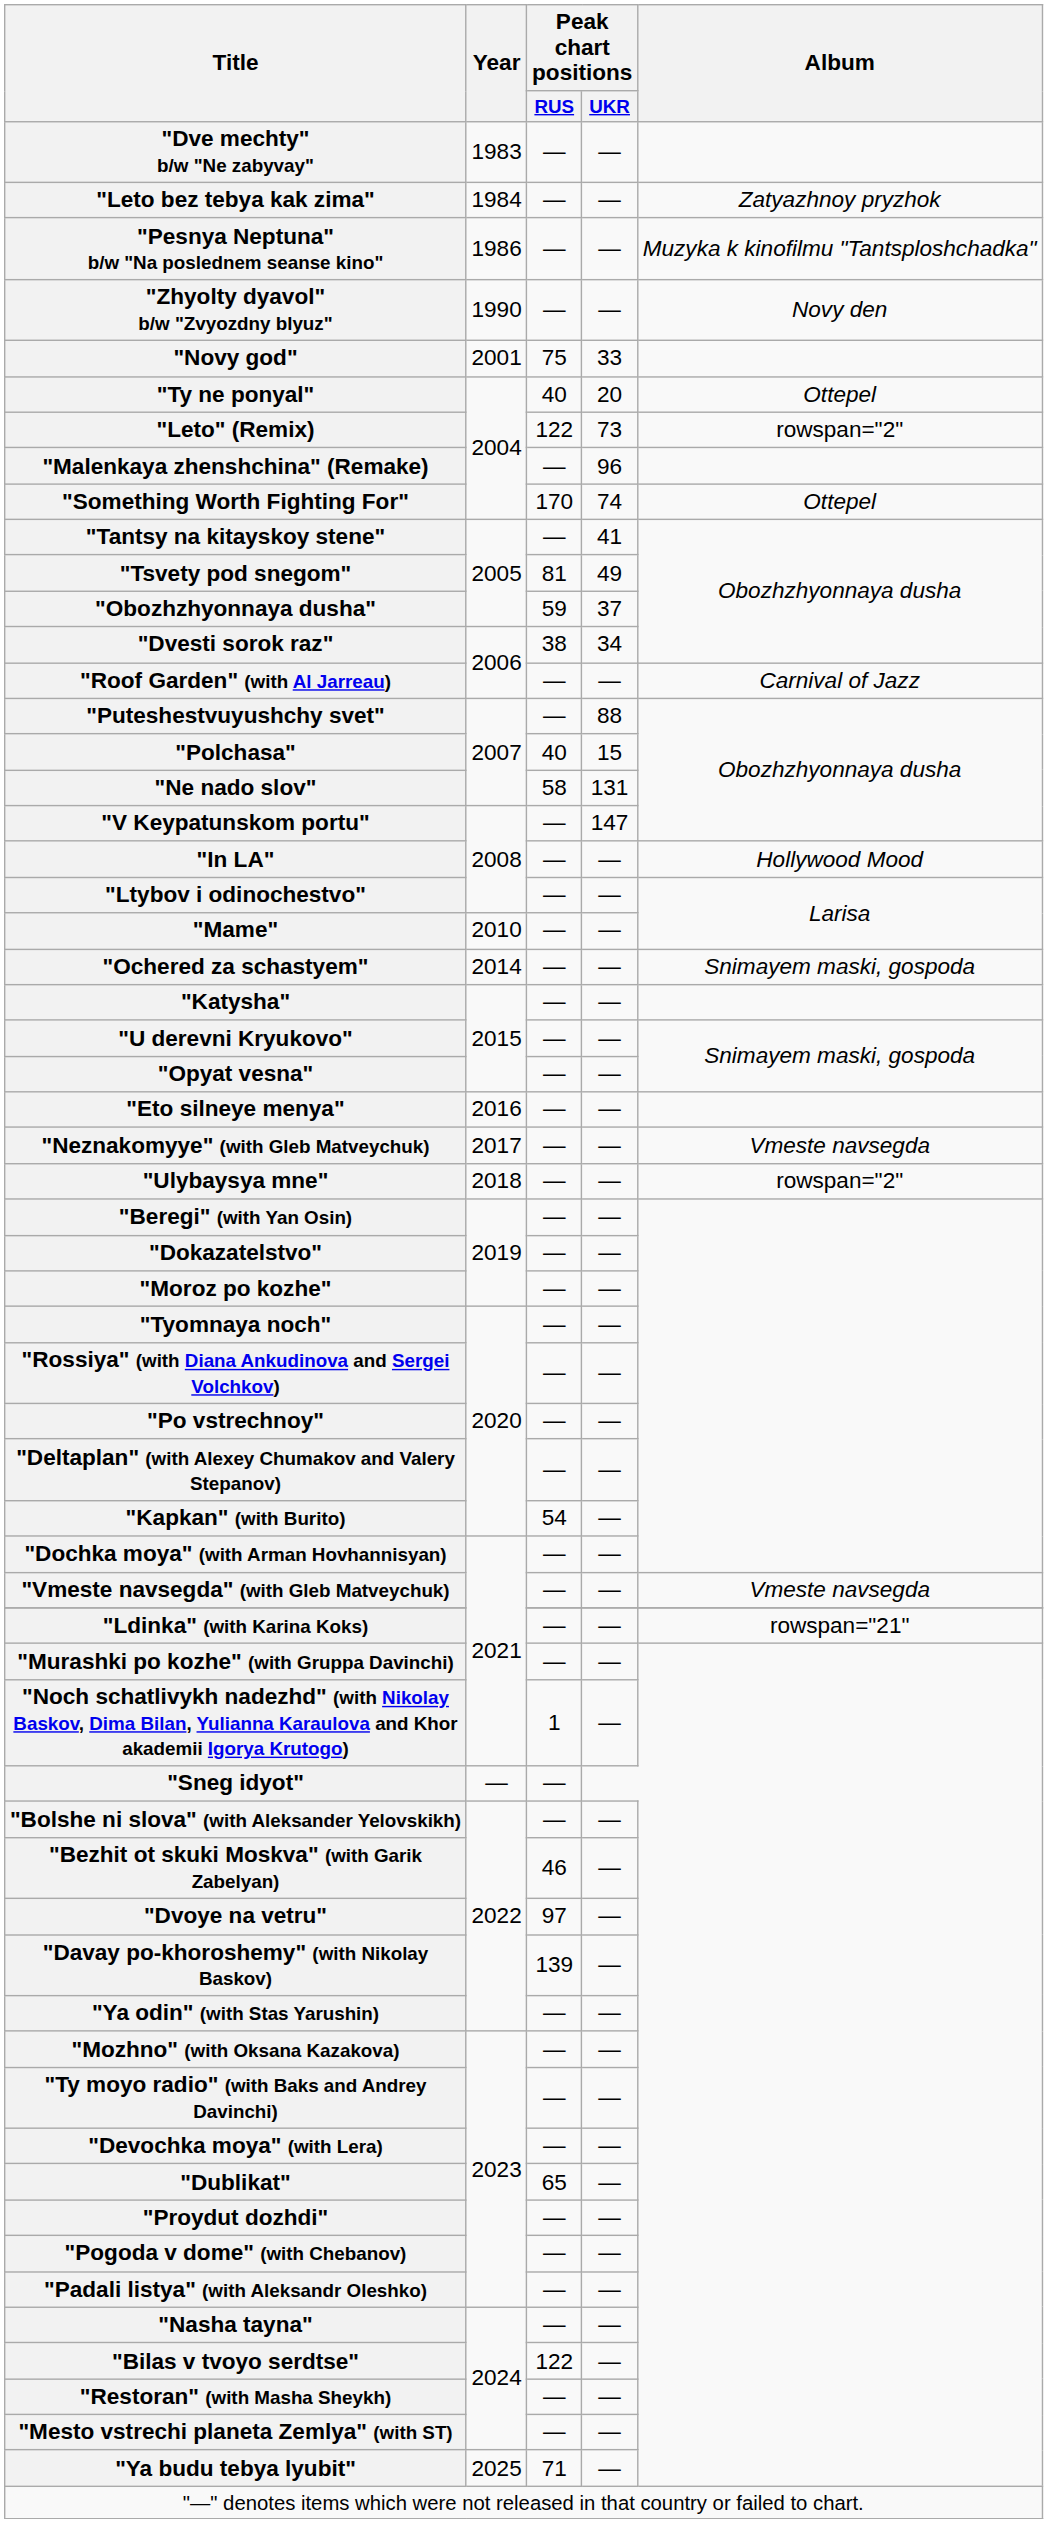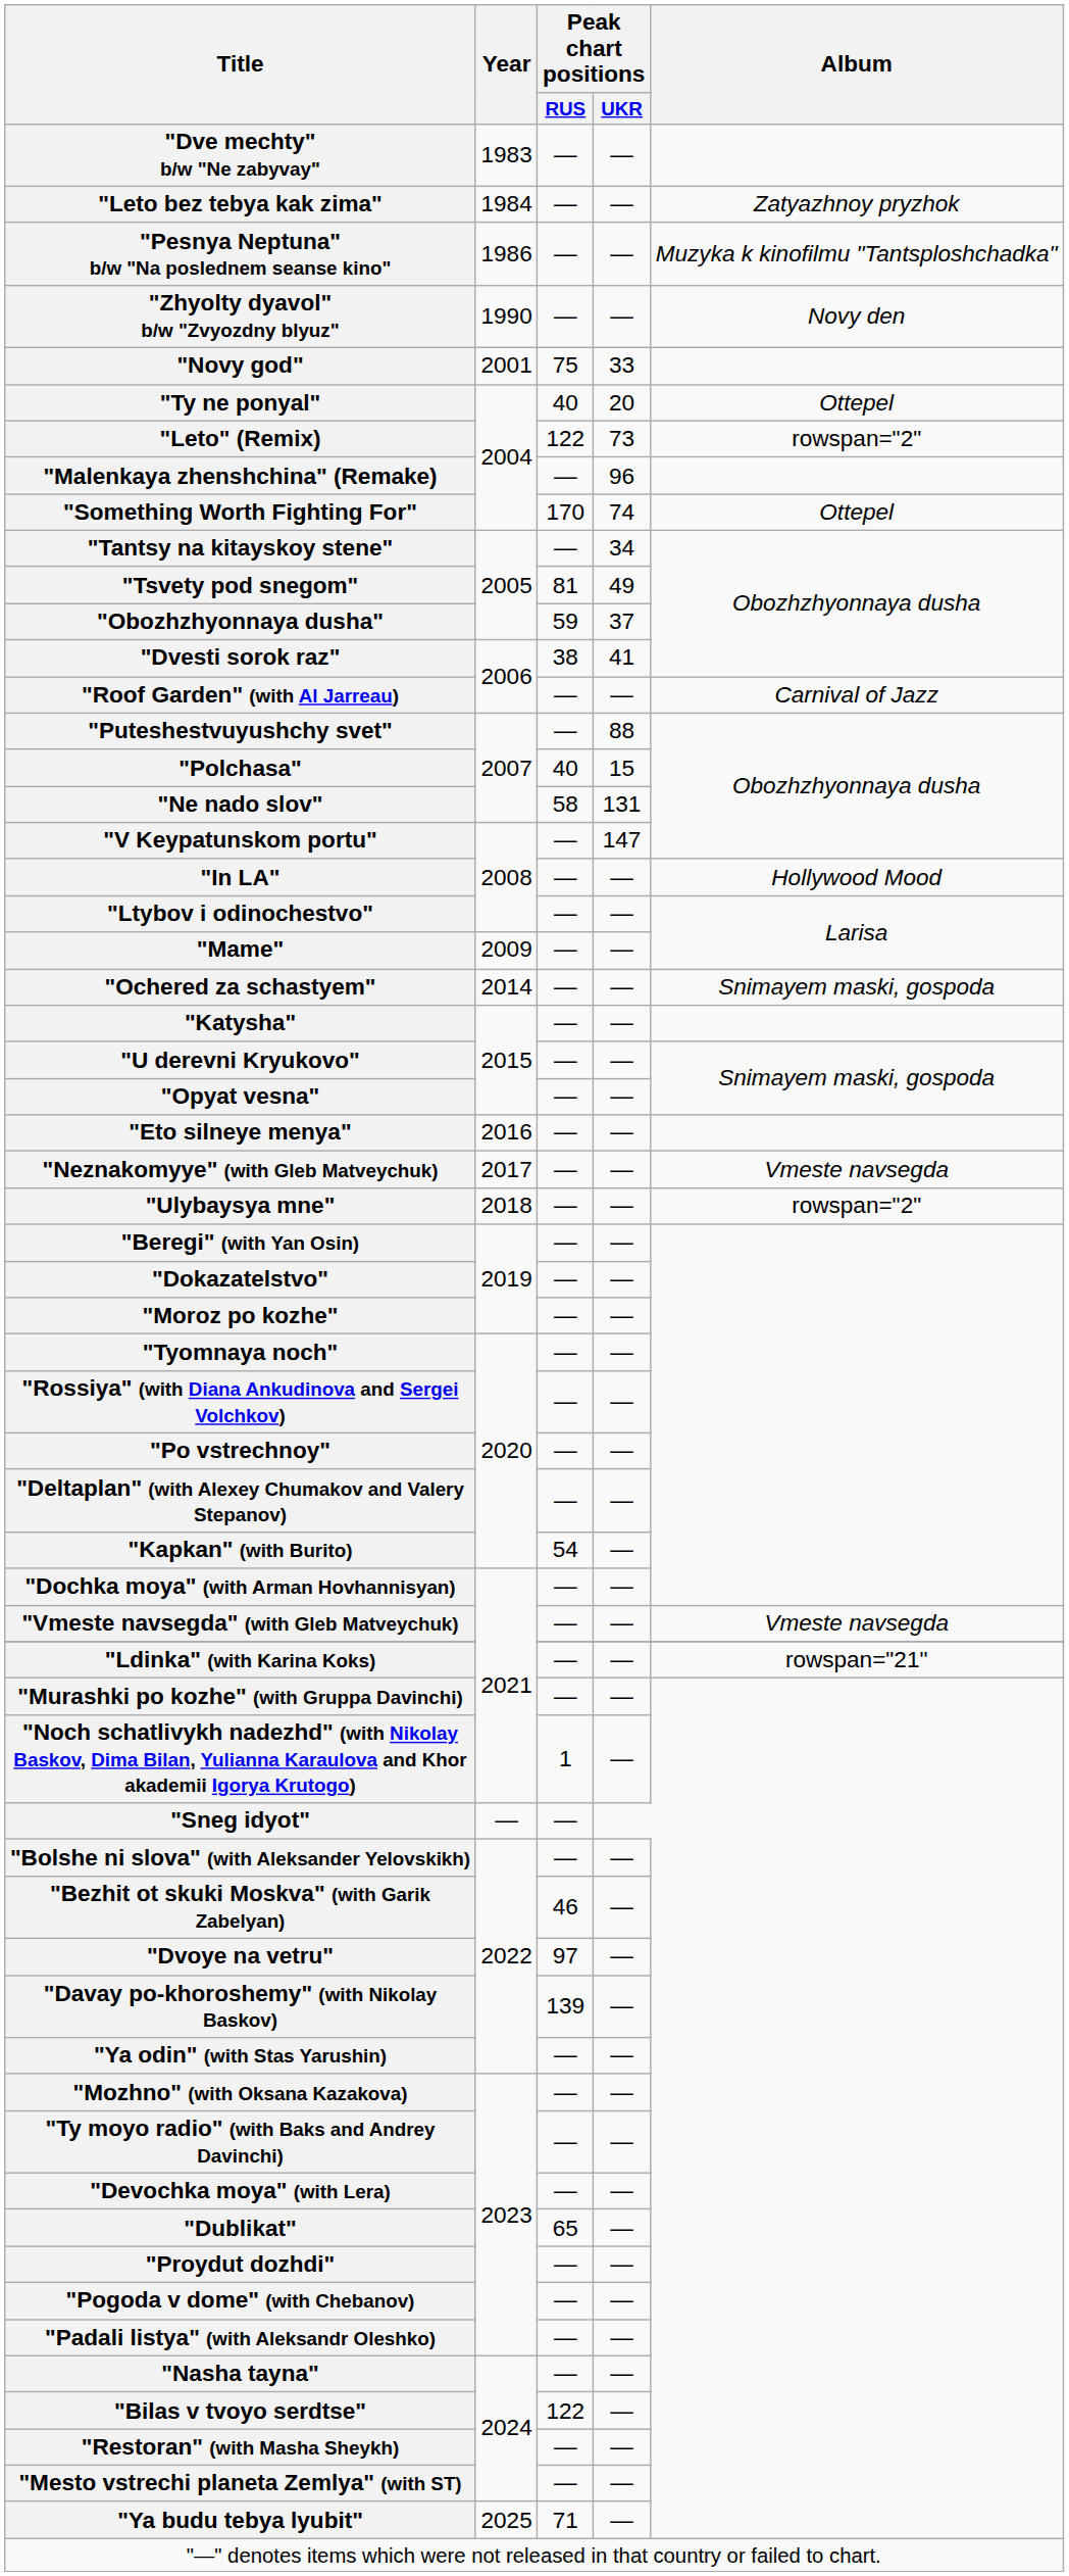 <table class="wikitable plainrowheaders" style="text-align: center;">
 <tr>
 <th rowspan="2" style="width:20em;">Title</th>
 <th rowspan="2">Year</th>
 <th colspan="2">Peak chart positions</th>
 <th rowspan="2">Album</th>
 </tr>
 <tr style=font-size:smaller;>
 <th style="width:28px;"><a href='#'>RUS</a><br></th>
 <th style="width:28px;"><a href='#'>UKR</a><br></th>
 </tr>
 <tr>
 <th scope="row">"Dve mechty"<br><small>b/w "Ne zabyvay"</small></th>
 <td>1983</td>
 <td>—</td>
 <td>—</td>
 <td></td>
 </tr>
 <tr>
 <th scope="row">"Leto bez tebya kak zima"</th>
 <td>1984</td>
 <td>—</td>
 <td>—</td>
 <td><em>Zatyazhnoy pryzhok</em></td>
 </tr>
 <tr>
 <th scope="row">"Pesnya Neptuna"<br><small>b/w "Na poslednem seanse kino"</small></th>
 <td>1986</td>
 <td>—</td>
 <td>—</td>
 <td><em>Muzyka k kinofilmu "Tantsploshchadka"</em></td>
 </tr>
 <tr>
 <th scope="row">"Zhyolty dyavol"<br><small>b/w "Zvyozdny blyuz"</small></th>
 <td>1990</td>
 <td>—</td>
 <td>—</td>
 <td><em>Novy den</em></td>
 </tr>
 <tr>
 <th scope="row">"Novy god"</th>
 <td>2001</td>
 <td>75</td>
 <td>33</td>
 <td></td>
 </tr>
 <tr>
 <th scope="row">"Ty ne ponyal"</th>
 <td rowspan="4">2004</td>
 <td>40</td>
 <td>20</td>
 <td><em>Ottepel</em></td>
 </tr>
 <tr>
 <th scope="row">"Leto" (Remix)</th>
 <td>122</td>
 <td>73</td>
 <td>rowspan="2" </td>
 </tr>
 <tr>
 <th scope="row">"Malenkaya zhenshchina" (Remake)</th>
 <td>—</td>
 <td>96</td>
 </tr>
 <tr>
 <th scope="row">"Something Worth Fighting For"</th>
 <td>170</td>
 <td>74</td>
 <td><em>Ottepel</em></td>
 </tr>
 <tr>
 <th scope="row">"Tantsy na kitayskoy stene"</th>
 <td rowspan="3">2005</td>
 <td>—</td>
-<td>41</td>
+<td>34</td>
 <td rowspan="4"><em>Obozhzhyonnaya dusha</em></td>
 </tr>
 <tr>
 <th scope="row">"Tsvety pod snegom"</th>
 <td>81</td>
 <td>49</td>
 </tr>
 <tr>
 <th scope="row">"Obozhzhyonnaya dusha"</th>
 <td>59</td>
 <td>37</td>
 </tr>
 <tr>
 <th scope="row">"Dvesti sorok raz"</th>
 <td rowspan="2">2006</td>
 <td>38</td>
-<td>34</td>
+<td>41</td>
 </tr>
 <tr>
 <th scope="row">"Roof Garden" <small>(with <a href='#'>Al Jarreau</a>)</small></th>
 <td>—</td>
 <td>—</td>
 <td><em>Carnival of Jazz</em></td>
 </tr>
 <tr>
 <th scope="row">"Puteshestvuyushchy svet"</th>
 <td rowspan="3">2007</td>
 <td>—</td>
 <td>88</td>
 <td rowspan="4"><em>Obozhzhyonnaya dusha</em></td>
 </tr>
 <tr>
 <th scope="row">"Polchasa"</th>
 <td>40</td>
 <td>15</td>
 </tr>
 <tr>
 <th scope="row">"Ne nado slov"</th>
 <td>58</td>
 <td>131</td>
 </tr>
 <tr>
 <th scope="row">"V Keypatunskom portu"</th>
 <td rowspan="3">2008</td>
 <td>—</td>
 <td>147</td>
 </tr>
 <tr>
 <th scope="row">"In LA"</th>
 <td>—</td>
 <td>—</td>
 <td><em>Hollywood Mood</em></td>
 </tr>
 <tr>
 <th scope="row">"Ltybov i odinochestvo"</th>
 <td>—</td>
 <td>—</td>
 <td rowspan="2"><em>Larisa</em></td>
 </tr>
 <tr>
 <th scope="row">"Mame"</th>
-<td>2010</td>
+<td>2009</td>
 <td>—</td>
 <td>—</td>
 </tr>
 <tr>
 <th scope="row">"Ochered za schastyem"</th>
 <td>2014</td>
 <td>—</td>
 <td>—</td>
 <td><em>Snimayem maski, gospoda</em></td>
 </tr>
 <tr>
 <th scope="row">"Katysha"</th>
 <td rowspan="3">2015</td>
 <td>—</td>
 <td>—</td>
 <td></td>
 </tr>
 <tr>
 <th scope="row">"U derevni Kryukovo"</th>
 <td>—</td>
 <td>—</td>
 <td rowspan="2"><em>Snimayem maski, gospoda</em></td>
 </tr>
 <tr>
 <th scope="row">"Opyat vesna"</th>
 <td>—</td>
 <td>—</td>
 </tr>
 <tr>
 <th scope="row">"Eto silneye menya"</th>
 <td>2016</td>
 <td>—</td>
 <td>—</td>
 <td></td>
 </tr>
 <tr>
 <th scope="row">"Neznakomyye" <small>(with Gleb Matveychuk)</small></th>
 <td>2017</td>
 <td>—</td>
 <td>—</td>
 <td><em>Vmeste navsegda</em></td>
 </tr>
 <tr>
 <th scope="row">"Ulybaysya mne"</th>
 <td>2018</td>
 <td>—</td>
 <td>—</td>
 <td>rowspan="2" </td>
 </tr>
 <tr>
 <th scope="row">"Beregi" <small>(with Yan Osin)</small></th>
 <td rowspan="3">2019</td>
 <td>—</td>
 <td>—</td>
 </tr>
 <tr>
 <th scope="row">"Dokazatelstvo"</th>
 <td>—</td>
 <td>—</td>
 </tr>
 <tr>
 <th scope="row">"Moroz po kozhe"</th>
 <td>—</td>
 <td>—</td>
 </tr>
 <tr>
 <th scope="row">"Tyomnaya noch"</th>
 <td rowspan="5">2020</td>
 <td>—</td>
 <td>—</td>
 </tr>
 <tr>
 <th scope="row">"Rossiya" <small>(with <a href='#'>Diana Ankudinova</a> and <a href='#'>Sergei Volchkov</a>)</small></th>
 <td>—</td>
 <td>—</td>
 </tr>
 <tr>
 <th scope="row">"Po vstrechnoy"</th>
 <td>—</td>
 <td>—</td>
 </tr>
 <tr>
 <th scope="row">"Deltaplan" <small>(with Alexey Chumakov and Valery Stepanov)</small></th>
 <td>—</td>
 <td>—</td>
 </tr>
 <tr>
 <th scope="row">"Kapkan" <small>(with Burito)</small></th>
 <td>54</td>
 <td>—</td>
 </tr>
 <tr>
 <th scope="row">"Dochka moya" <small>(with Arman Hovhannisyan)</small></th>
 <td rowspan="6">2021</td>
 <td>—</td>
 <td>—</td>
 </tr>
 <tr>
 <th scope="row">"Vmeste navsegda" <small>(with Gleb Matveychuk)</small></th>
 <td>—</td>
 <td>—</td>
 <td><em>Vmeste navsegda</em></td>
 </tr>
 <tr>
 </tr>
 <tr>
 <th scope="row">"Ldinka" <small>(with Karina Koks)</small></th>
 <td>—</td>
 <td>—</td>
 <td>rowspan="21" </td>
 </tr>
 <tr>
 <th scope="row">"Murashki po kozhe" <small>(with Gruppa Davinchi)</small></th>
 <td>—</td>
 <td>—</td>
 </tr>
 <tr>
 <th scope="row">"Noch schatlivykh nadezhd" <small>(with <a href='#'>Nikolay Baskov</a>, <a href='#'>Dima Bilan</a>, <a href='#'>Yulianna Karaulova</a> and Khor akademii <a href='#'>Igorya Krutogo</a>)</small></th>
 <td>1</td>
 <td>—</td>
 </tr>
 <tr>
 <th scope="row">"Sneg idyot"</th>
 <td>—</td>
 <td>—</td>
 </tr>
 <tr>
 <th scope="row">"Bolshe ni slova" <small>(with Aleksander Yelovskikh)</small></th>
 <td rowspan="5">2022</td>
 <td>—</td>
 <td>—</td>
 </tr>
 <tr>
 <th scope="row">"Bezhit ot skuki Moskva" <small>(with Garik Zabelyan)</small></th>
 <td>46</td>
 <td>—</td>
 </tr>
 <tr>
 <th scope="row">"Dvoye na vetru"</th>
 <td>97 </td>
 <td>—</td>
 </tr>
 <tr>
 <th scope="row">"Davay po-khoroshemy" <small>(with Nikolay Baskov)</small></th>
 <td>139</td>
 <td>—</td>
 </tr>
 <tr>
 <th scope="row">"Ya odin" <small>(with Stas Yarushin)</small></th>
 <td>—</td>
 <td>—</td>
 </tr>
 <tr>
 <th scope="row">"Mozhno" <small>(with Oksana Kazakova)</small></th>
 <td rowspan="7">2023</td>
 <td>—</td>
 <td>—</td>
 </tr>
 <tr>
 <th scope="row">"Ty moyo radio" <small>(with Baks and Andrey Davinchi)</small></th>
 <td>—</td>
 <td>—</td>
 </tr>
 <tr>
 <th scope="row">"Devochka moya" <small>(with Lera)</small></th>
 <td>—</td>
 <td>—</td>
 </tr>
 <tr>
 <th scope="row">"Dublikat"</th>
 <td>65 </td>
 <td>—</td>
 </tr>
 <tr>
 <th scope="row">"Proydut dozhdi"</th>
 <td>—</td>
 <td>—</td>
 </tr>
 <tr>
 <th scope="row">"Pogoda v dome" <small>(with Chebanov)</small></th>
 <td>—</td>
 <td>—</td>
 </tr>
 <tr>
 <th scope="row">"Padali listya" <small>(with Aleksandr Oleshko)</small></th>
 <td>—</td>
 <td>—</td>
 </tr>
 <tr>
 <th scope="row">"Nasha tayna"</th>
 <td rowspan="4">2024</td>
 <td>—</td>
 <td>—</td>
 </tr>
 <tr>
 <th scope="row">"Bilas v tvoyo serdtse"</th>
 <td>122</td>
 <td>—</td>
 </tr>
 <tr>
 <th scope="row">"Restoran" <small>(with Masha Sheykh)</small></th>
 <td>—</td>
 <td>—</td>
 </tr>
 <tr>
 <th scope="row">"Mesto vstrechi planeta Zemlya" <small>(with ST)</small></th>
 <td>—</td>
 <td>—</td>
 </tr>
 <tr>
 <th scope="row">"Ya budu tebya lyubit"</th>
 <td>2025</td>
 <td>71 </td>
 <td>—</td>
 </tr>
 <tr>
 <td colspan="8" style="font-size:90%;">"—" denotes items which were not released in that country or failed to chart.</td>
 </tr>
 <tr>
 </tr>
 </table>
